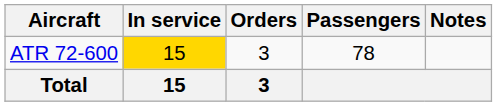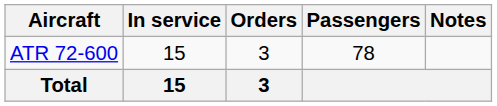 <table class="wikitable" style="margin:0.5em auto;text-align:center">
 <tr>
 <th>Aircraft</th>
 <th>In service</th>
 <th>Orders</th>
 <th>Passengers</th>
 <th>Notes</th>
 </tr>
 <tr>
 <td><a href='#'>ATR 72-600</a></td>
-<td style="background: gold;">15</td>
+<td>15</td>
 <td>3</td>
 <td>78</td>
 <td></td>
 </tr>
 <tr>
 <th>Total</th>
 <th>15</th>
 <th>3</th>
 <th colspan=2></th>
 </tr>
 </table>
